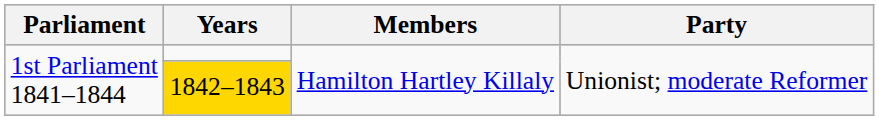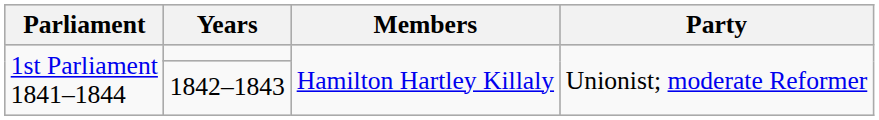 <table class="wikitable">
 <tr>
 <th>Parliament</th>
 <th>Years</th>
 <th colspan="2">Members</th>
 <th>Party</th>
 </tr>
 <tr>
 <td rowspan = "2"><a href='#'>1st Parliament</a><br>1841–1844</td>
 <td></td>
 <td colspan ="2" rowspan = "2"><a href='#'>Hamilton Hartley Killaly</a></td>
 <td colspan ="2" rowspan = "2">Unionist; <a href='#'>moderate Reformer</a></td>
 </tr>
 <tr>
-<td style="background: gold;">1842–1843</td>
+<td>1842–1843</td>
 </tr>
 </table>
